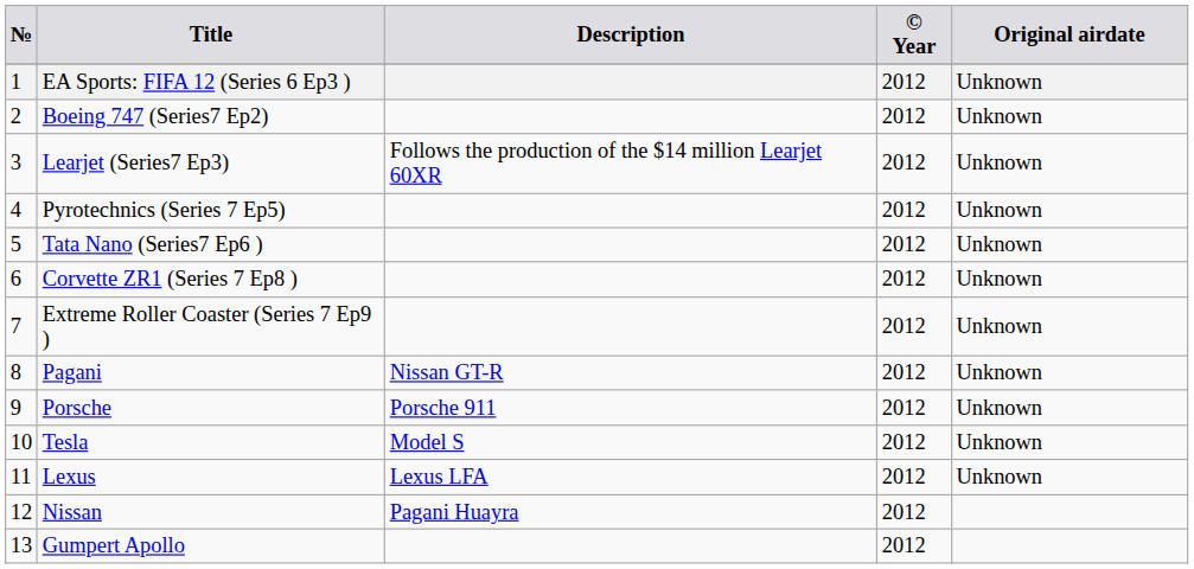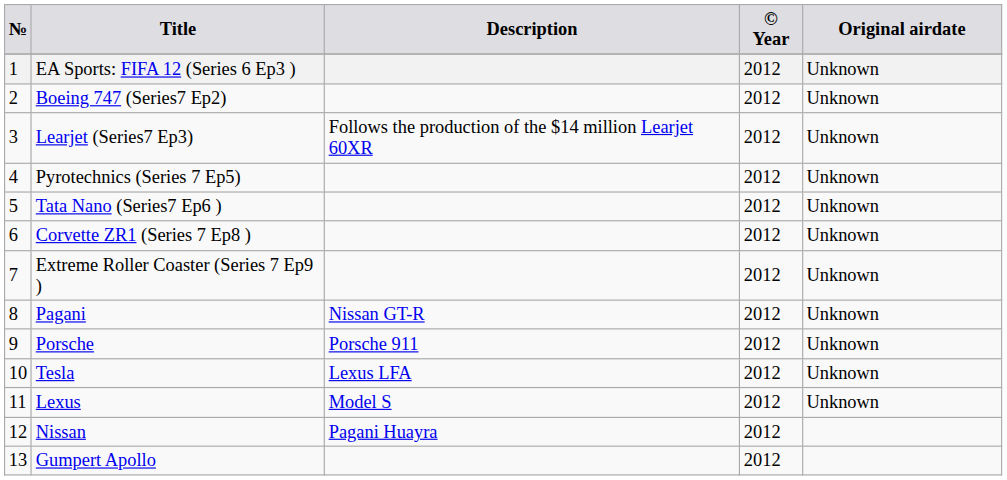 <table class="wikitable">
 <tr>
 <th style="background-color: #DEDDE2">№</th>
 <th style="background-color: #DEDDE2">Title</th>
 <th style="background-color: #DEDDE2">Description</th>
 <th style="background-color: #DEDDE2">© Year</th>
 <th style="background-color: #DEDDE2" width=20%>Original airdate</th>
 </tr>
 <tr style="background-color: #F2F2F2;" |>
 </tr>
 <tr style="background-color: #F2F2F2;" |>
 <td>1</td>
 <td>EA Sports: <a href='#'>FIFA 12</a> (Series 6 Ep3 )</td>
 <td></td>
 <td>2012</td>
 <td>Unknown</td>
 </tr>
 <tr>
 <td>2</td>
 <td><a href='#'>Boeing 747</a> (Series7 Ep2)</td>
 <td></td>
 <td>2012</td>
 <td>Unknown</td>
 </tr>
 <tr>
 <td>3</td>
 <td><a href='#'>Learjet</a> (Series7 Ep3)</td>
 <td>Follows the production of the $14 million <a href='#'>Learjet 60XR</a></td>
 <td>2012</td>
 <td>Unknown</td>
 </tr>
 <tr>
 <td>4</td>
 <td>Pyrotechnics (Series 7 Ep5)</td>
 <td></td>
 <td>2012</td>
 <td>Unknown</td>
 </tr>
 <tr>
 <td>5</td>
 <td><a href='#'>Tata Nano</a> (Series7 Ep6 )</td>
 <td></td>
 <td>2012</td>
 <td>Unknown</td>
 </tr>
 <tr>
 <td>6</td>
 <td><a href='#'>Corvette ZR1</a> (Series 7 Ep8 )</td>
 <td></td>
 <td>2012</td>
 <td>Unknown</td>
 </tr>
 <tr>
 <td>7</td>
 <td>Extreme Roller Coaster (Series 7 Ep9 )</td>
 <td></td>
 <td>2012</td>
 <td>Unknown</td>
 </tr>
 <tr>
 <td>8</td>
 <td><a href='#'>Pagani</a></td>
 <td><a href='#'>Nissan GT-R</a></td>
 <td>2012</td>
 <td>Unknown</td>
 </tr>
 <tr>
 <td>9</td>
 <td><a href='#'>Porsche</a></td>
 <td><a href='#'>Porsche 911</a></td>
 <td>2012</td>
 <td>Unknown</td>
 </tr>
 <tr>
 <td>10</td>
 <td><a href='#'>Tesla</a></td>
-<td><a href='#'>Model S</a></td>
+<td><a href='#'>Lexus LFA</a></td>
 <td>2012</td>
 <td>Unknown</td>
 </tr>
 <tr>
 <td>11</td>
 <td><a href='#'>Lexus</a></td>
-<td><a href='#'>Lexus LFA</a></td>
+<td><a href='#'>Model S</a></td>
 <td>2012</td>
 <td>Unknown</td>
 </tr>
 <tr>
 <td>12</td>
 <td><a href='#'>Nissan</a></td>
 <td><a href='#'>Pagani Huayra</a></td>
 <td>2012</td>
 <td></td>
 </tr>
 <tr>
 <td>13</td>
 <td><a href='#'>Gumpert Apollo</a></td>
 <td></td>
 <td>2012</td>
 <td></td>
 </tr>
 </table>
